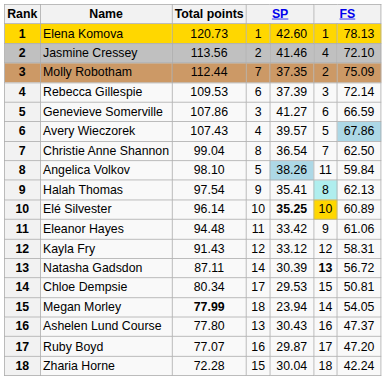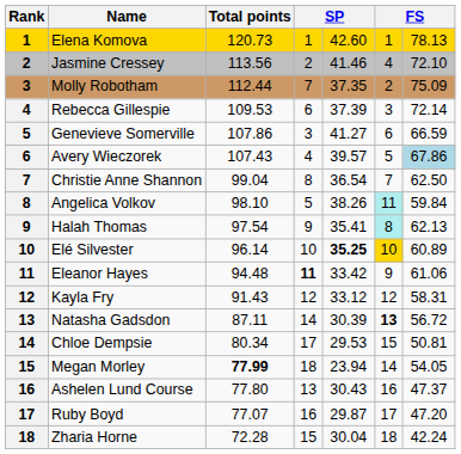 <table class="wikitable sortable">
 <tr>
 <th>Rank</th>
 <th>Name</th>
 <th>Total points</th>
 <th colspan="2" width="80px"><a href='#'>SP</a></th>
 <th colspan="2" width="80px"><a href='#'>FS</a></th>
 </tr>
 <tr bgcolor="gold">
 <td align="center"><strong>1</strong></td>
 <td>Elena Komova</td>
 <td align="center">120.73</td>
 <td align="center">1</td>
 <td align="center">42.60</td>
 <td align="center">1</td>
 <td align="center">78.13</td>
 </tr>
 <tr bgcolor="silver">
 <td align="center"><strong>2</strong></td>
 <td>Jasmine Cressey</td>
 <td align="center">113.56</td>
 <td align="center">2</td>
 <td align="center">41.46</td>
 <td align="center">4</td>
 <td align="center">72.10</td>
 </tr>
 <tr bgcolor="cc9966">
 <td align="center"><strong>3</strong></td>
 <td>Molly Robotham</td>
 <td align="center">112.44</td>
 <td align="center">7</td>
 <td align="center">37.35</td>
 <td align="center">2</td>
 <td align="center">75.09</td>
 </tr>
 <tr>
 <th>4</th>
 <td>Rebecca Gillespie</td>
 <td align="center">109.53</td>
 <td align="center">6</td>
 <td align="center">37.39</td>
 <td align="center">3</td>
 <td align="center">72.14</td>
 </tr>
 <tr>
 <th>5</th>
 <td>Genevieve Somerville</td>
 <td align="center">107.86</td>
 <td align="center">3</td>
 <td align="center">41.27</td>
 <td align="center">6</td>
 <td align="center">66.59</td>
 </tr>
 <tr>
 <th>6</th>
 <td>Avery Wieczorek</td>
 <td align="center">107.43</td>
 <td align="center">4</td>
 <td align="center">39.57</td>
 <td align="center">5</td>
 <td align="center" style="background: lightblue;">67.86</td>
 </tr>
 <tr>
 <th>7</th>
 <td>Christie Anne Shannon</td>
 <td align="center">99.04</td>
 <td align="center">8</td>
 <td align="center">36.54</td>
 <td align="center">7</td>
 <td align="center">62.50</td>
 </tr>
 <tr>
 <th>8</th>
 <td>Angelica Volkov</td>
 <td align="center">98.10</td>
 <td align="center">5</td>
-<td align="center" style="background: lightblue;">38.26</td>
-<td align="center">11</td>
+<td align="center">38.26</td>
+<td align="center" style="background: paleturquoise;">11</td>
 <td align="center">59.84</td>
 </tr>
 <tr>
 <th>9</th>
 <td>Halah Thomas</td>
 <td align="center">97.54</td>
 <td align="center">9</td>
 <td align="center">35.41</td>
 <td align="center" style="background: paleturquoise;">8</td>
 <td align="center">62.13</td>
 </tr>
 <tr>
 <th>10</th>
 <td>Elé Silvester</td>
 <td align="center">96.14</td>
 <td align="center">10</td>
 <td align="center"><strong>35.25</strong></td>
 <td align="center" style="background: gold;">10</td>
 <td align="center">60.89</td>
 </tr>
 <tr>
 <th>11</th>
 <td>Eleanor Hayes</td>
 <td align="center">94.48</td>
-<td align="center">11</td>
+<td align="center"><strong>11</strong></td>
 <td align="center">33.42</td>
 <td align="center">9</td>
 <td align="center">61.06</td>
 </tr>
 <tr>
 <th>12</th>
 <td>Kayla Fry</td>
 <td align="center">91.43</td>
 <td align="center">12</td>
 <td align="center">33.12</td>
 <td align="center">12</td>
 <td align="center">58.31</td>
 </tr>
 <tr>
 <th>13</th>
 <td>Natasha Gadsdon</td>
 <td align="center">87.11</td>
 <td align="center">14</td>
 <td align="center">30.39</td>
 <td align="center"><strong>13</strong></td>
 <td align="center">56.72</td>
 </tr>
 <tr>
 <th>14</th>
 <td>Chloe Dempsie</td>
 <td align="center">80.34</td>
 <td align="center">17</td>
 <td align="center">29.53</td>
 <td align="center">15</td>
 <td align="center">50.81</td>
 </tr>
 <tr>
 <th>15</th>
 <td>Megan Morley</td>
 <td align="center"><strong>77.99</strong></td>
 <td align="center">18</td>
 <td align="center">23.94</td>
 <td align="center">14</td>
 <td align="center">54.05</td>
 </tr>
 <tr>
 <th>16</th>
 <td>Ashelen Lund Course</td>
 <td align="center">77.80</td>
 <td align="center">13</td>
 <td align="center">30.43</td>
 <td align="center">16</td>
 <td align="center">47.37</td>
 </tr>
 <tr>
 <th>17</th>
 <td>Ruby Boyd</td>
 <td align="center">77.07</td>
 <td align="center">16</td>
 <td align="center">29.87</td>
 <td align="center">17</td>
 <td align="center">47.20</td>
 </tr>
 <tr>
 <th>18</th>
 <td>Zharia Horne</td>
 <td align="center">72.28</td>
 <td align="center">15</td>
 <td align="center">30.04</td>
 <td align="center">18</td>
 <td align="center">42.24</td>
 </tr>
 </table>
